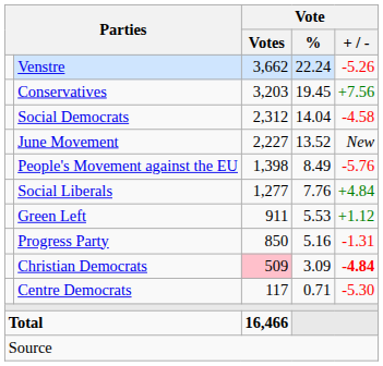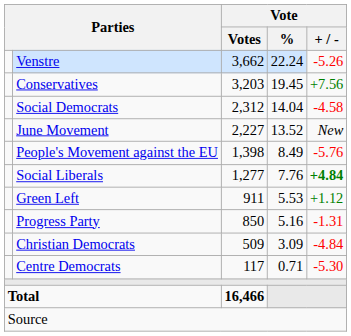 <table class="wikitable" style="text-align:right;">
 <tr>
 <th style="text-align:centre;" rowspan="2" colspan="2" width="225">Parties</th>
 <th colspan="3">Vote</th>
 </tr>
 <tr>
 <th width="15">Votes</th>
 <th width="15">%</th>
 <th width="15">+ / -</th>
 </tr>
 <tr>
 <td width="2" style="color:inherit;background:"></td>
 <td bgcolor=#cfe5fe   align="left"><a href='#'>Venstre</a></td>
 <td bgcolor=#cfe5fe>3,662</td>
 <td bgcolor=#cfe5fe>22.24</td>
 <td style=color:red;>-5.26</td>
 </tr>
 <tr>
 <td width="2" style="color:inherit;background:"></td>
 <td align="left"><a href='#'>Conservatives</a></td>
 <td>3,203</td>
 <td>19.45</td>
 <td style=color:green;>+7.56</td>
 </tr>
 <tr>
 <td width="2" style="color:inherit;background:"></td>
 <td align="left"><a href='#'>Social Democrats</a></td>
 <td>2,312</td>
 <td>14.04</td>
 <td style=color:red;>-4.58</td>
 </tr>
 <tr>
 <td width="2" style="color:inherit;background:"></td>
 <td align="left"><a href='#'>June Movement</a></td>
 <td>2,227</td>
 <td>13.52</td>
 <td><em>New</em></td>
 </tr>
 <tr>
 <td width="2" style="color:inherit;background:"></td>
 <td align="left"><a href='#'>People's Movement against the EU</a></td>
 <td>1,398</td>
 <td>8.49</td>
 <td style=color:red;>-5.76</td>
 </tr>
 <tr>
 <td width="2" style="color:inherit;background:"></td>
 <td align="left"><a href='#'>Social Liberals</a></td>
 <td>1,277</td>
 <td>7.76</td>
-<td style=color:green;>+4.84</td>
+<td style=color:green;><strong>+4.84</strong></td>
 </tr>
 <tr>
 <td width="2" style="color:inherit;background:"></td>
 <td align="left"><a href='#'>Green Left</a></td>
 <td>911</td>
 <td>5.53</td>
 <td style=color:green;>+1.12</td>
 </tr>
 <tr>
 <td width="2" style="color:inherit;background:"></td>
 <td align="left"><a href='#'>Progress Party</a></td>
 <td>850</td>
 <td>5.16</td>
 <td style=color:red;>-1.31</td>
 </tr>
 <tr>
 <td width="2" style="color:inherit;background:"></td>
 <td align="left"><a href='#'>Christian Democrats</a></td>
-<td style="background: pink;">509</td>
+<td>509</td>
 <td>3.09</td>
-<td style=color:red;><strong>-4.84</strong></td>
+<td style=color:red;>-4.84</td>
 </tr>
 <tr>
 <td width="2" style="color:inherit;background:"></td>
 <td align="left"><a href='#'>Centre Democrats</a></td>
 <td>117</td>
 <td>0.71</td>
 <td style=color:red;>-5.30</td>
 </tr>
 <tr>
 <td colspan="7" bgcolor="#E9E9E9"></td>
 </tr>
 <tr>
 <td align="left" colspan="2"><strong>Total</strong></td>
 <td><strong>16,466</strong></td>
 <td bgcolor="#E9E9E9" colspan="2"></td>
 </tr>
 <tr>
 <td align="left" colspan="6">Source</td>
 </tr>
 </table>
